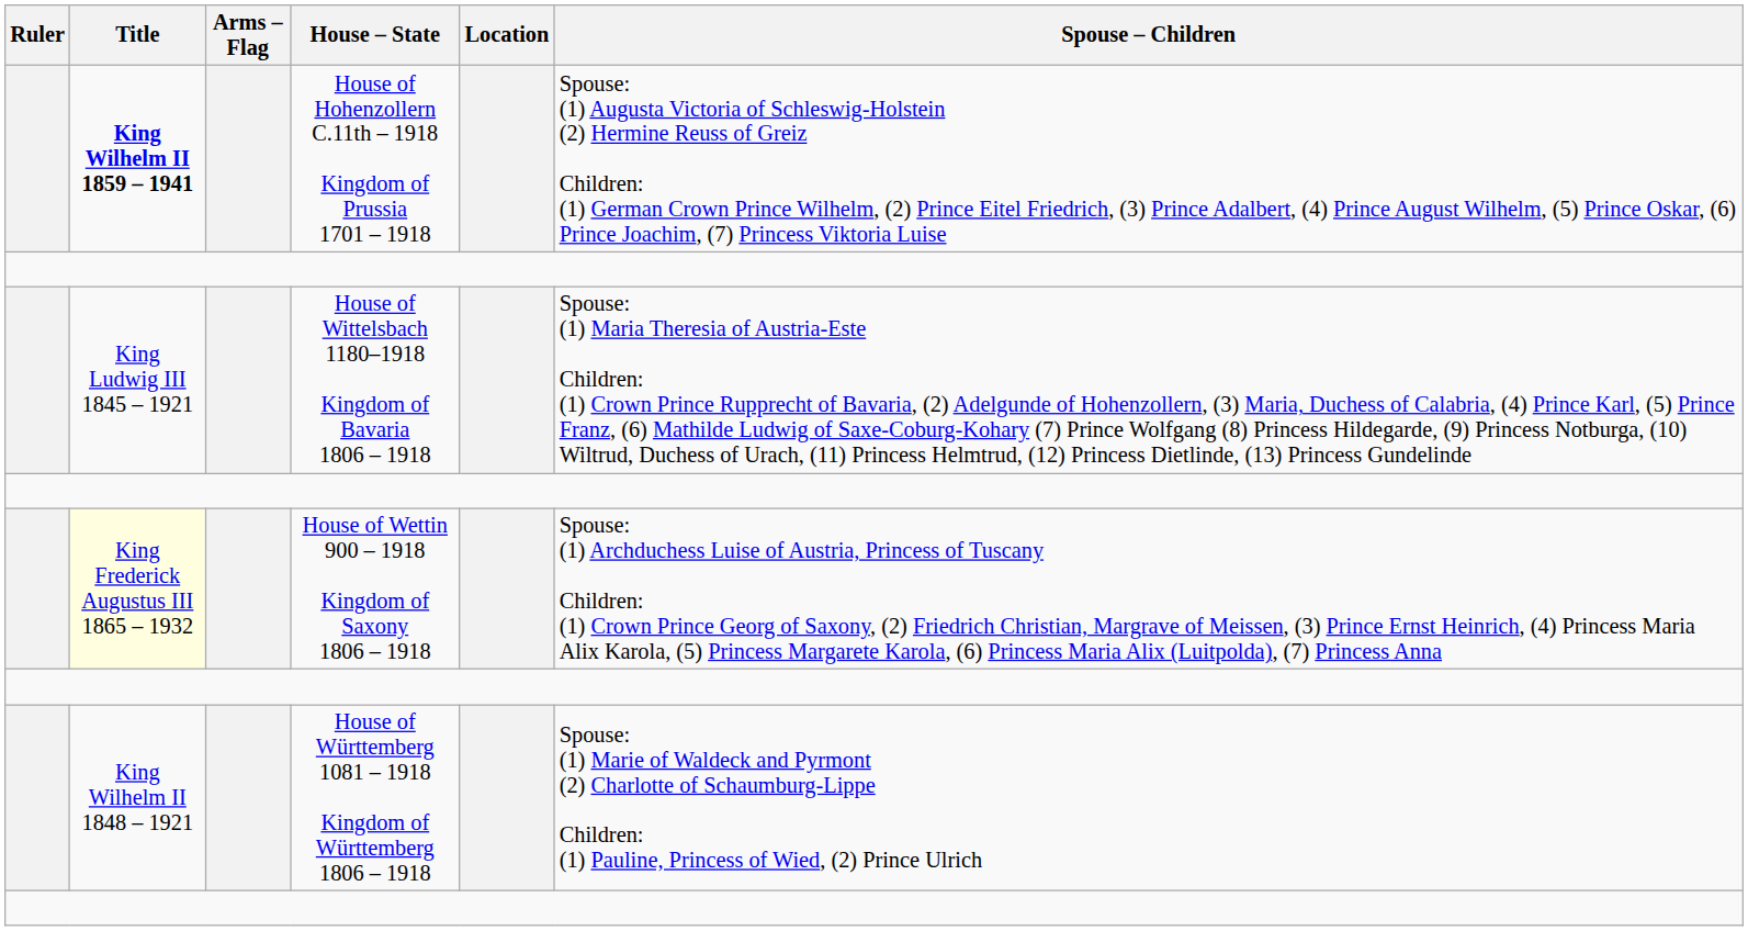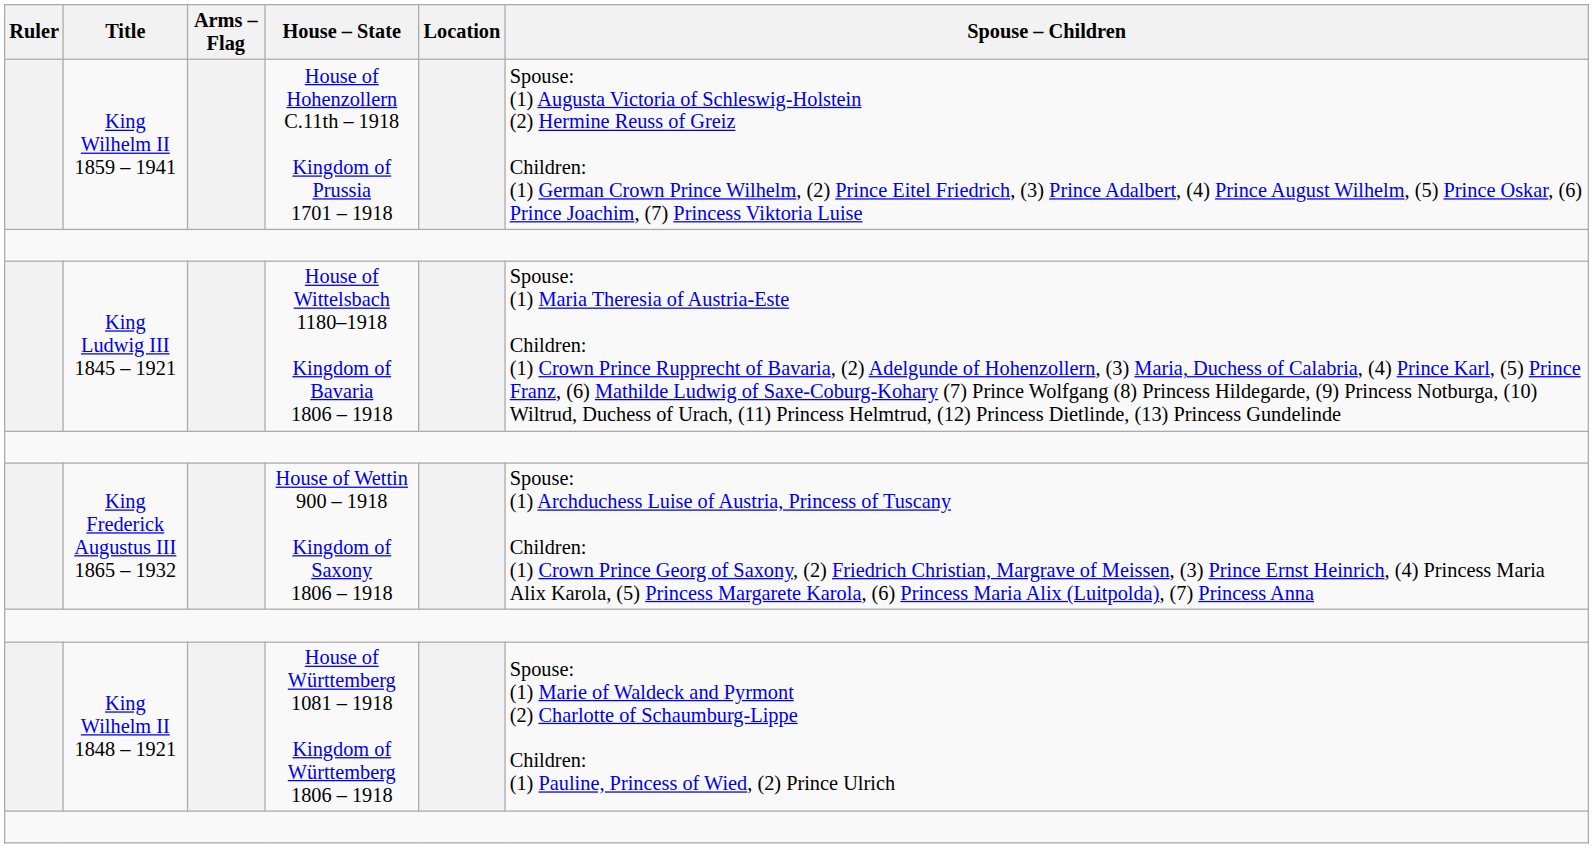 <table class="wikitable" style="border:1px solid">
 <tr>
 <th>Ruler</th>
 <th>Title</th>
 <th>Arms – Flag</th>
 <th>House – State</th>
 <th>Location</th>
 <th>Spouse – Children</th>
 </tr>
 <tr>
 <th></th>
-<td align=center><strong><a href='#'>King<br>Wilhelm II</a><br>1859 – 1941</strong></td>
+<td align=center><a href='#'>King<br>Wilhelm II</a><br>1859 – 1941</td>
 <th><br></th>
 <td align=center><a href='#'>House of Hohenzollern</a><br>C.11th – 1918<br><br><a href='#'>Kingdom of Prussia</a><br>1701 – 1918</td>
 <th></th>
 <td align=left>Spouse:<br>(1) <a href='#'>Augusta Victoria of Schleswig-Holstein</a><br>(2) <a href='#'>Hermine Reuss of Greiz</a> <br><br>Children:<br>(1) <a href='#'>German Crown Prince Wilhelm</a>, (2) <a href='#'>Prince Eitel Friedrich</a>, (3) <a href='#'>Prince Adalbert</a>, (4) <a href='#'>Prince August Wilhelm</a>, (5) <a href='#'>Prince Oskar</a>, (6) <a href='#'>Prince Joachim</a>, (7) <a href='#'>Princess Viktoria Luise</a></td>
 </tr>
 <tr>
 <td style="text-align:center;" colspan="20"><br></td>
 </tr>
 <tr>
 <th></th>
 <td align=center><a href='#'>King<br>Ludwig III</a><br>1845 – 1921</td>
 <th><br><br></th>
 <td align=center><a href='#'>House of Wittelsbach</a><br>1180–1918<br><br><a href='#'>Kingdom of Bavaria</a><br>1806 – 1918</td>
 <th></th>
 <td align=left>Spouse:<br>(1) <a href='#'>Maria Theresia of Austria-Este</a><br><br>Children:<br>(1) <a href='#'>Crown Prince Rupprecht of Bavaria</a>, (2) <a href='#'>Adelgunde of Hohenzollern</a>, (3) <a href='#'>Maria, Duchess of Calabria</a>, (4) <a href='#'>Prince Karl</a>, (5) <a href='#'>Prince Franz</a>, (6) <a href='#'>Mathilde Ludwig of Saxe-Coburg-Kohary</a> (7) Prince Wolfgang (8) Princess Hildegarde, (9) Princess Notburga, (10) Wiltrud, Duchess of Urach, (11) Princess Helmtrud, (12) Princess Dietlinde, (13) Princess Gundelinde</td>
 </tr>
 <tr>
 <td style="text-align:center;" colspan="20"><br></td>
 </tr>
 <tr>
 <th></th>
-<td align=center style="background: lightyellow;"><a href='#'>King<br>Frederick Augustus III</a><br>1865 – 1932</td>
+<td align=center><a href='#'>King<br>Frederick Augustus III</a><br>1865 – 1932</td>
 <th><br></th>
 <td align=center><a href='#'>House of Wettin</a><br>900 – 1918<br><br><a href='#'>Kingdom of Saxony</a><br> 1806 – 1918</td>
 <th></th>
 <td align=left>Spouse:<br>(1) <a href='#'>Archduchess Luise of Austria, Princess of Tuscany</a><br><br>Children:<br>(1) <a href='#'>Crown Prince Georg of Saxony</a>, (2) <a href='#'>Friedrich Christian, Margrave of Meissen</a>, (3) <a href='#'>Prince Ernst Heinrich</a>, (4) Princess Maria Alix Karola, (5) <a href='#'>Princess Margarete Karola</a>, (6) <a href='#'>Princess Maria Alix (Luitpolda)</a>, (7) <a href='#'>Princess Anna</a></td>
 </tr>
 <tr>
 <td style="text-align:center;" colspan="20"><br></td>
 </tr>
 <tr>
 <th></th>
 <td align=center><a href='#'>King<br>Wilhelm II</a><br>1848 – 1921</td>
 <th><br></th>
 <td align=center><a href='#'>House of Württemberg</a><br>1081 – 1918<br><br><a href='#'>Kingdom of Württemberg</a><br>1806 – 1918</td>
 <th></th>
 <td align=left>Spouse:<br>(1) <a href='#'>Marie of Waldeck and Pyrmont</a><br>(2) <a href='#'>Charlotte of Schaumburg-Lippe</a><br><br>Children:<br>(1) <a href='#'>Pauline, Princess of Wied</a>, (2) Prince Ulrich</td>
 </tr>
 <tr>
 <td style="text-align:center;" colspan="20"><br></td>
 </tr>
 </table>
